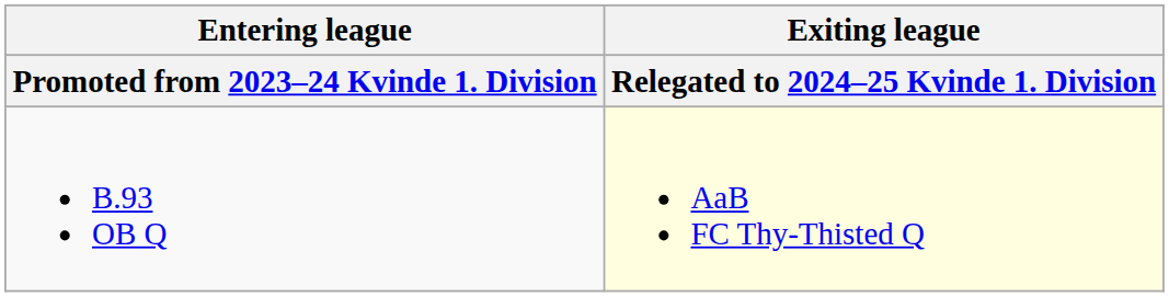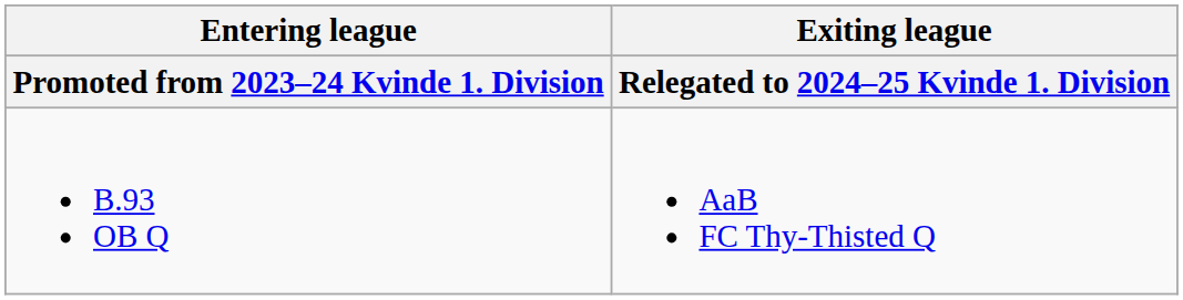 <table class="wikitable">
 <tr>
 <th>Entering league</th>
 <th>Exiting league</th>
 </tr>
 <tr>
 <th>Promoted from <a href='#'>2023–24 Kvinde 1. Division</a></th>
 <th>Relegated to <a href='#'>2024–25 Kvinde 1. Division</a></th>
 </tr>
 <tr style="vertical-align:top;">
 <td><br><ul><li><a href='#'>B.93</a></li><li><a href='#'>OB Q</a></li></ul></td>
-<td style="background: lightyellow;"><br><ul><li><a href='#'>AaB</a></li><li><a href='#'>FC Thy-Thisted Q</a></li></ul></td>
+<td><br><ul><li><a href='#'>AaB</a></li><li><a href='#'>FC Thy-Thisted Q</a></li></ul></td>
 </tr>
 </table>
